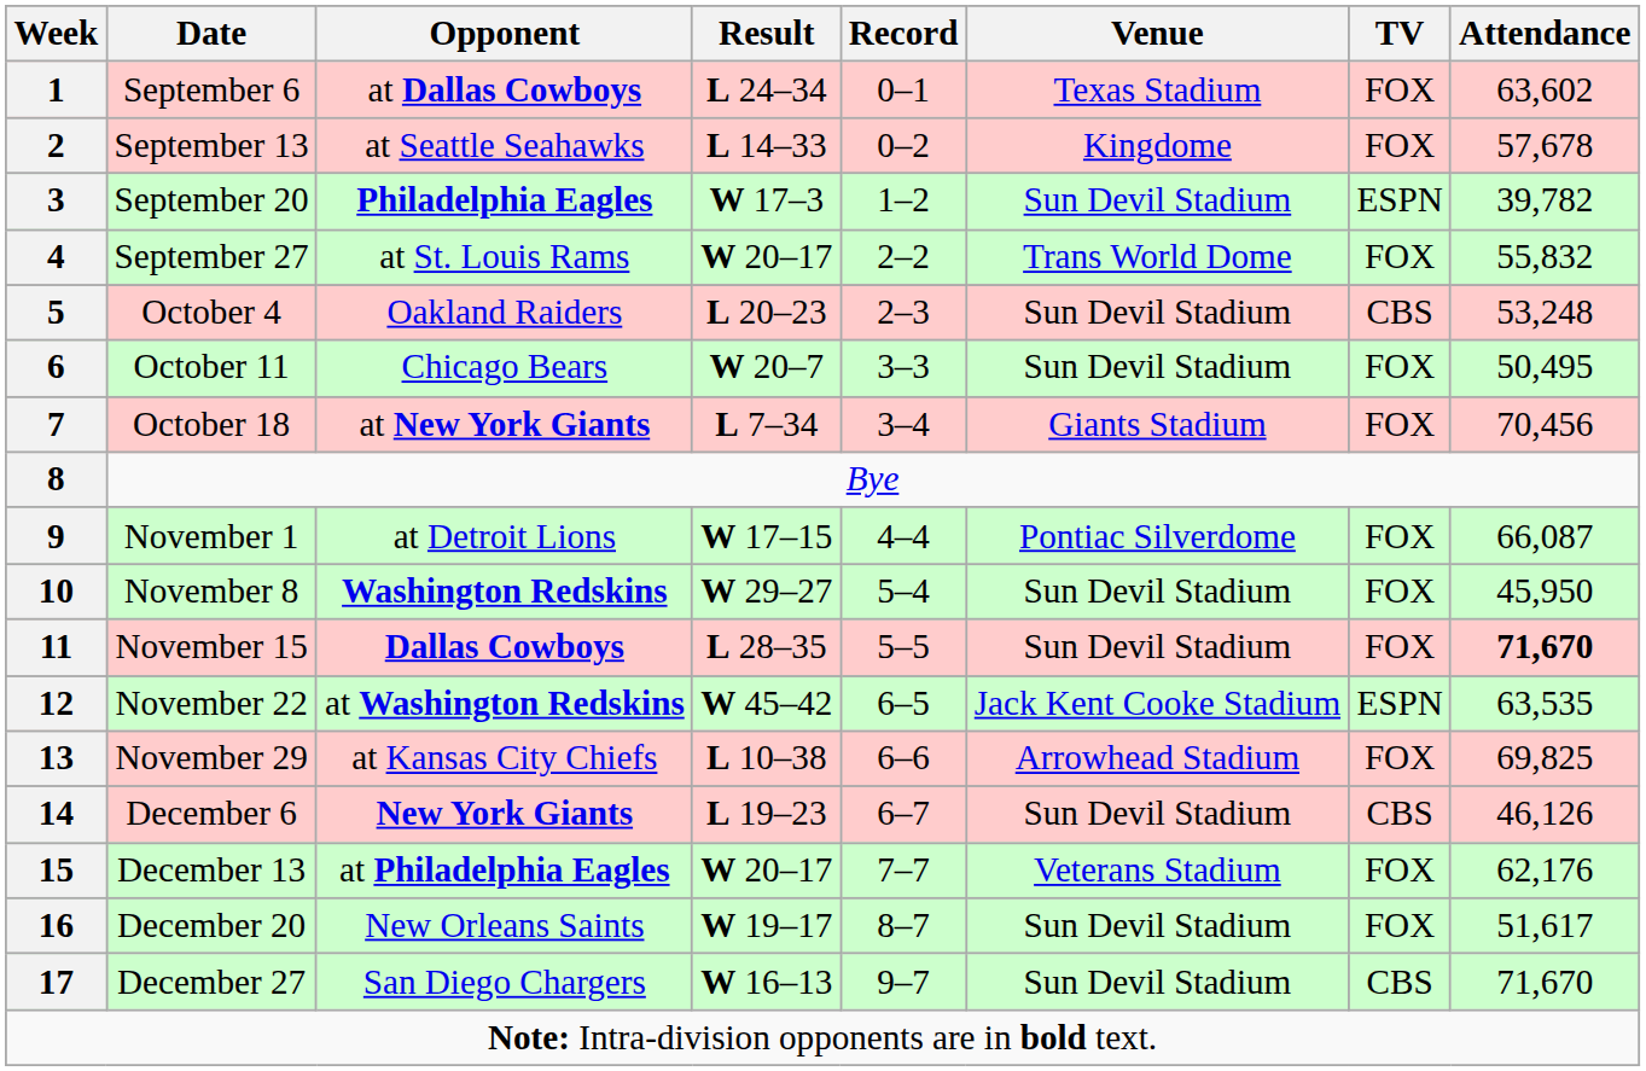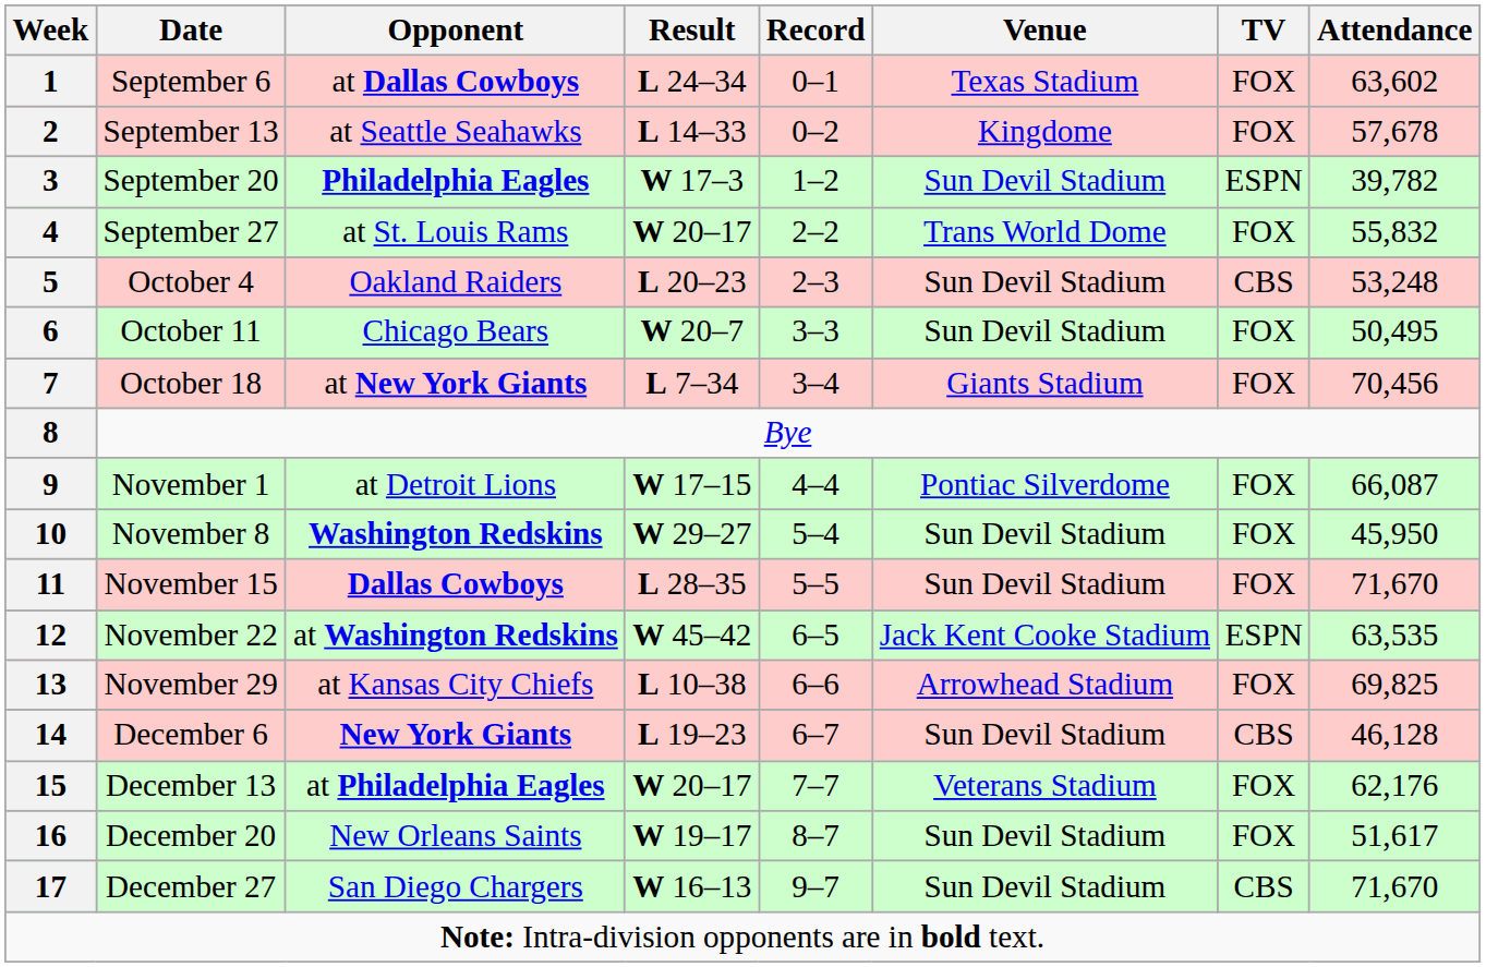 <table class="wikitable" style="text-align:center">
 <tr>
 <th>Week</th>
 <th>Date</th>
 <th>Opponent</th>
 <th>Result</th>
 <th>Record</th>
 <th>Venue</th>
 <th>TV</th>
 <th>Attendance</th>
 </tr>
 <tr style="background:#fcc">
 <th>1</th>
 <td>September 6</td>
 <td>at <strong><a href='#'>Dallas Cowboys</a></strong></td>
 <td><strong>L</strong> 24–34</td>
 <td>0–1</td>
 <td><a href='#'>Texas Stadium</a></td>
 <td>FOX</td>
 <td>63,602</td>
 </tr>
 <tr style="background:#fcc">
 <th>2</th>
 <td>September 13</td>
 <td>at <a href='#'>Seattle Seahawks</a></td>
 <td><strong>L</strong> 14–33</td>
 <td>0–2</td>
 <td><a href='#'>Kingdome</a></td>
 <td>FOX</td>
 <td>57,678</td>
 </tr>
 <tr style="background:#cfc">
 <th>3</th>
 <td>September 20</td>
 <td><strong><a href='#'>Philadelphia Eagles</a></strong></td>
 <td><strong>W</strong> 17–3</td>
 <td>1–2</td>
 <td><a href='#'>Sun Devil Stadium</a></td>
 <td>ESPN</td>
 <td>39,782</td>
 </tr>
 <tr style="background:#cfc">
 <th>4</th>
 <td>September 27</td>
 <td>at <a href='#'>St. Louis Rams</a></td>
 <td><strong>W</strong> 20–17</td>
 <td>2–2</td>
 <td><a href='#'>Trans World Dome</a></td>
 <td>FOX</td>
 <td>55,832</td>
 </tr>
 <tr style="background:#fcc">
 <th>5</th>
 <td>October 4</td>
 <td><a href='#'>Oakland Raiders</a></td>
 <td><strong>L</strong> 20–23</td>
 <td>2–3</td>
 <td>Sun Devil Stadium</td>
 <td>CBS</td>
 <td>53,248</td>
 </tr>
 <tr style="background:#cfc">
 <th>6</th>
 <td>October 11</td>
 <td><a href='#'>Chicago Bears</a></td>
 <td><strong>W</strong> 20–7</td>
 <td>3–3</td>
 <td>Sun Devil Stadium</td>
 <td>FOX</td>
 <td>50,495</td>
 </tr>
 <tr style="background:#fcc">
 <th>7</th>
 <td>October 18</td>
 <td>at <strong><a href='#'>New York Giants</a></strong></td>
 <td><strong>L</strong> 7–34</td>
 <td>3–4</td>
 <td><a href='#'>Giants Stadium</a></td>
 <td>FOX</td>
 <td>70,456</td>
 </tr>
 <tr>
 <th>8</th>
 <td colspan="7"><em><a href='#'>Bye</a></em></td>
 </tr>
 <tr style="background:#cfc">
 <th>9</th>
 <td>November 1</td>
 <td>at <a href='#'>Detroit Lions</a></td>
 <td><strong>W</strong> 17–15</td>
 <td>4–4</td>
 <td><a href='#'>Pontiac Silverdome</a></td>
 <td>FOX</td>
 <td>66,087</td>
 </tr>
 <tr style="background:#cfc">
 <th>10</th>
 <td>November 8</td>
 <td><strong><a href='#'>Washington Redskins</a></strong></td>
 <td><strong>W</strong> 29–27</td>
 <td>5–4</td>
 <td>Sun Devil Stadium</td>
 <td>FOX</td>
 <td>45,950</td>
 </tr>
 <tr style="background:#fcc">
 <th>11</th>
 <td>November 15</td>
 <td><strong><a href='#'>Dallas Cowboys</a></strong></td>
 <td><strong>L</strong> 28–35</td>
 <td>5–5</td>
 <td>Sun Devil Stadium</td>
 <td>FOX</td>
-<td><strong>71,670</strong></td>
+<td>71,670</td>
 </tr>
 <tr style="background:#cfc">
 <th>12</th>
 <td>November 22</td>
 <td>at <strong><a href='#'>Washington Redskins</a></strong></td>
 <td><strong>W</strong> 45–42</td>
 <td>6–5</td>
 <td><a href='#'>Jack Kent Cooke Stadium</a></td>
 <td>ESPN</td>
 <td>63,535</td>
 </tr>
 <tr style="background:#fcc">
 <th>13</th>
 <td>November 29</td>
 <td>at <a href='#'>Kansas City Chiefs</a></td>
 <td><strong>L</strong> 10–38</td>
 <td>6–6</td>
 <td><a href='#'>Arrowhead Stadium</a></td>
 <td>FOX</td>
 <td>69,825</td>
 </tr>
 <tr style="background:#fcc">
 <th>14</th>
 <td>December 6</td>
 <td><strong><a href='#'>New York Giants</a></strong></td>
 <td><strong>L</strong> 19–23</td>
 <td>6–7</td>
 <td>Sun Devil Stadium</td>
 <td>CBS</td>
-<td>46,126</td>
+<td>46,128</td>
 </tr>
 <tr style="background:#cfc">
 <th>15</th>
 <td>December 13</td>
 <td>at <strong><a href='#'>Philadelphia Eagles</a></strong></td>
 <td><strong>W</strong> 20–17 </td>
 <td>7–7</td>
 <td><a href='#'>Veterans Stadium</a></td>
 <td>FOX</td>
 <td>62,176</td>
 </tr>
 <tr style="background:#cfc">
 <th>16</th>
 <td>December 20</td>
 <td><a href='#'>New Orleans Saints</a></td>
 <td><strong>W</strong> 19–17</td>
 <td>8–7</td>
 <td>Sun Devil Stadium</td>
 <td>FOX</td>
 <td>51,617</td>
 </tr>
 <tr style="background:#cfc">
 <th>17</th>
 <td>December 27</td>
 <td><a href='#'>San Diego Chargers</a></td>
 <td><strong>W</strong> 16–13</td>
 <td>9–7</td>
 <td>Sun Devil Stadium</td>
 <td>CBS</td>
 <td>71,670</td>
 </tr>
 <tr>
 <td colspan="8"><strong>Note:</strong> Intra-division opponents are in <strong>bold</strong> text.</td>
 </tr>
 </table>
